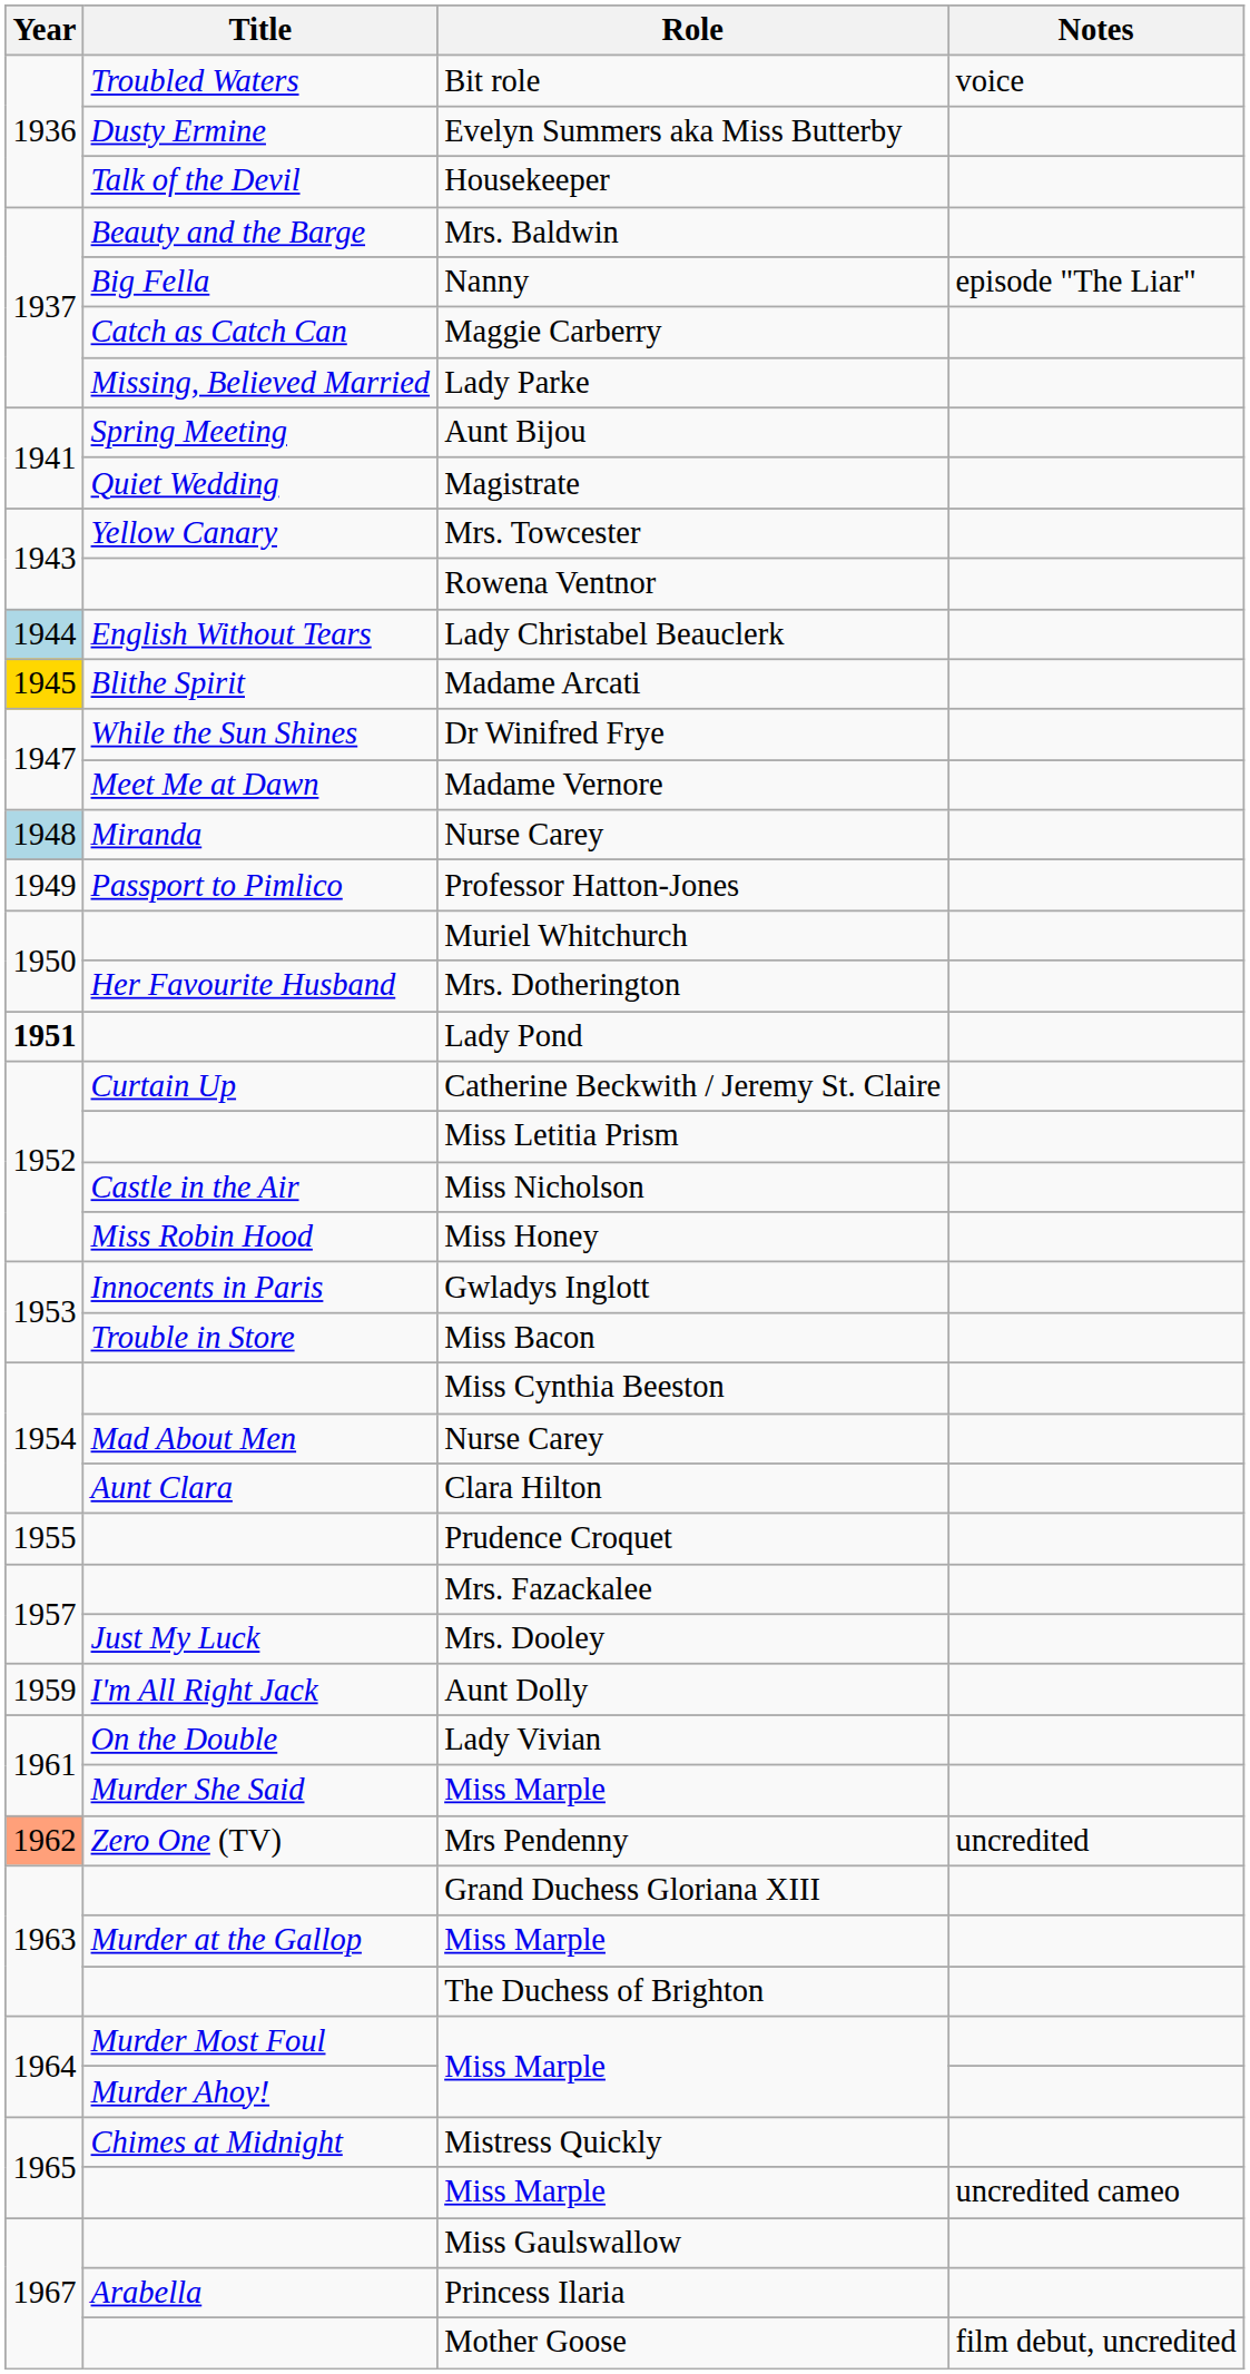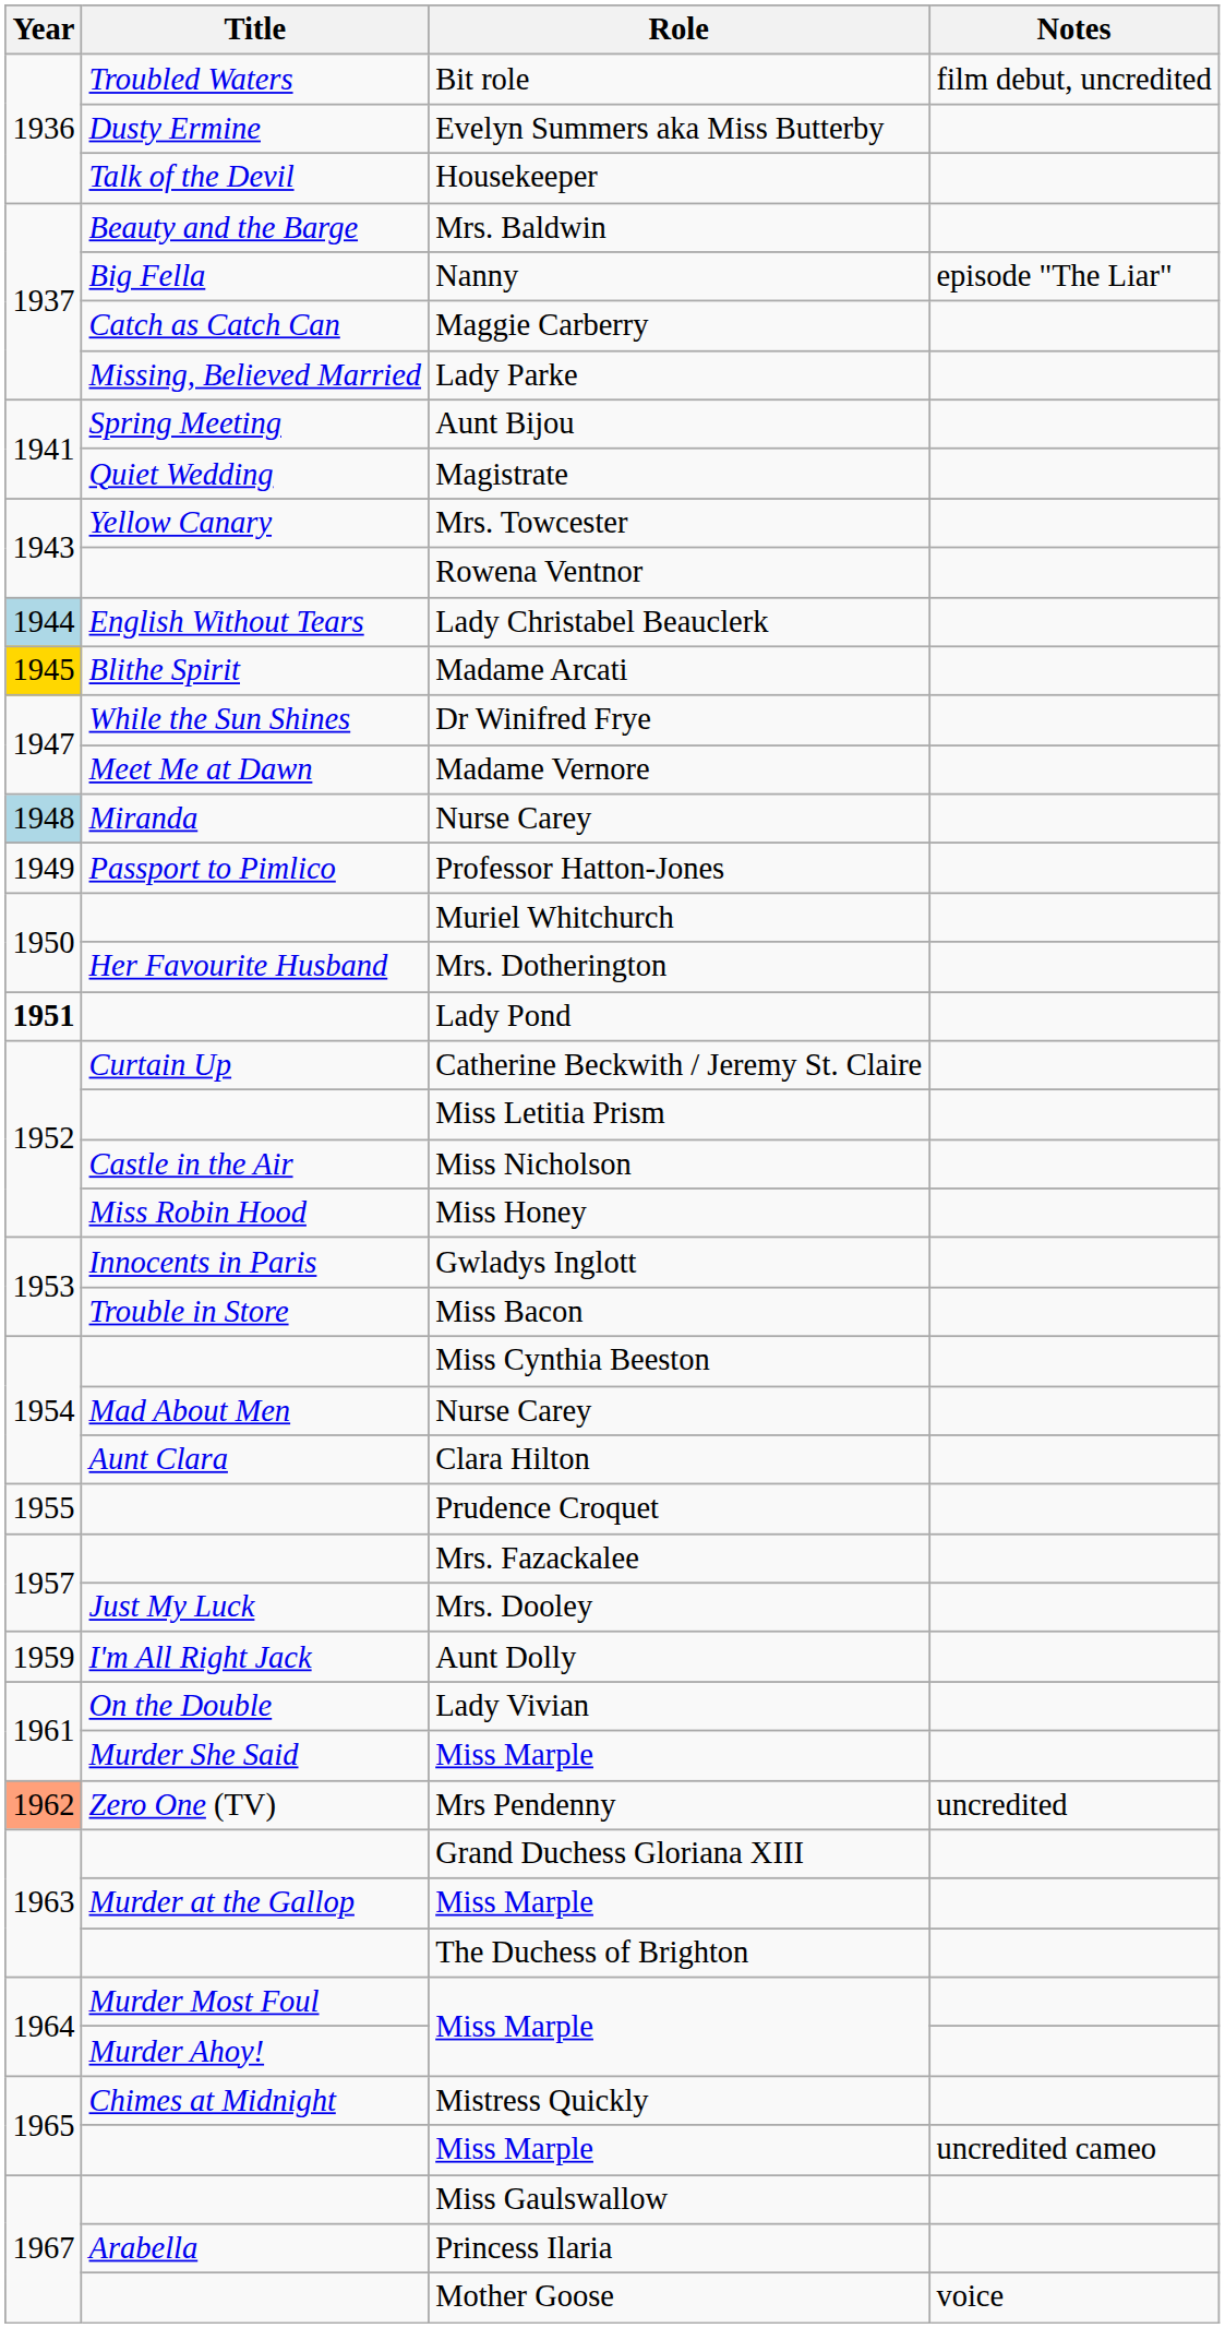 <table class="wikitable sortable">
 <tr>
 <th>Year</th>
 <th>Title</th>
 <th>Role</th>
 <th class="unsortable">Notes</th>
 </tr>
 <tr>
 <td rowspan=3>1936</td>
 <td><em><a href='#'>Troubled Waters</a></em></td>
 <td>Bit role</td>
-<td>voice</td>
+<td>film debut, uncredited</td>
 </tr>
 <tr>
 <td><em><a href='#'>Dusty Ermine</a></em></td>
 <td>Evelyn Summers aka Miss Butterby</td>
 <td></td>
 </tr>
 <tr>
 <td><em><a href='#'>Talk of the Devil</a></em></td>
 <td>Housekeeper</td>
 <td></td>
 </tr>
 <tr>
 <td rowspan=4>1937</td>
 <td><em><a href='#'>Beauty and the Barge</a></em></td>
 <td>Mrs. Baldwin</td>
 <td></td>
 </tr>
 <tr>
 <td><em><a href='#'>Big Fella</a></em></td>
 <td>Nanny</td>
 <td>episode "The Liar"</td>
 </tr>
 <tr>
 <td><em><a href='#'>Catch as Catch Can</a></em></td>
 <td>Maggie Carberry</td>
 <td></td>
 </tr>
 <tr>
 <td><em><a href='#'>Missing, Believed Married</a></em></td>
 <td>Lady Parke</td>
 <td></td>
 </tr>
 <tr>
 <td rowspan=2>1941</td>
 <td><em><a href='#'>Spring Meeting</a></em></td>
 <td>Aunt Bijou</td>
 <td></td>
 </tr>
 <tr>
 <td><em><a href='#'>Quiet Wedding</a></em></td>
 <td>Magistrate</td>
 <td></td>
 </tr>
 <tr>
 <td rowspan=2>1943</td>
 <td><em><a href='#'>Yellow Canary</a></em></td>
 <td>Mrs. Towcester</td>
 <td></td>
 </tr>
 <tr>
 <td><em></em></td>
 <td>Rowena Ventnor</td>
 <td></td>
 </tr>
 <tr>
 <td style="background: lightblue;">1944</td>
 <td><em><a href='#'>English Without Tears</a></em></td>
 <td>Lady Christabel Beauclerk</td>
 <td></td>
 </tr>
 <tr>
 <td style="background: gold;">1945</td>
 <td><em><a href='#'>Blithe Spirit</a></em></td>
 <td>Madame Arcati</td>
 <td></td>
 </tr>
 <tr>
 <td rowspan=2>1947</td>
 <td><em><a href='#'>While the Sun Shines</a></em></td>
 <td>Dr Winifred Frye</td>
 <td></td>
 </tr>
 <tr>
 <td><em><a href='#'>Meet Me at Dawn</a></em></td>
 <td>Madame Vernore</td>
 <td></td>
 </tr>
 <tr>
 <td style="background: lightblue;">1948</td>
 <td><em><a href='#'>Miranda</a></em></td>
 <td>Nurse Carey</td>
 <td></td>
 </tr>
 <tr>
 <td>1949</td>
 <td><em><a href='#'>Passport to Pimlico</a></em></td>
 <td>Professor Hatton-Jones</td>
 <td></td>
 </tr>
 <tr>
 <td rowspan=2>1950</td>
 <td><em></em></td>
 <td>Muriel Whitchurch</td>
 <td></td>
 </tr>
 <tr>
 <td><em><a href='#'>Her Favourite Husband</a></em></td>
 <td>Mrs. Dotherington</td>
 <td></td>
 </tr>
 <tr>
 <td><strong>1951</strong></td>
 <td><em></em></td>
 <td>Lady Pond</td>
 <td></td>
 </tr>
 <tr>
 <td rowspan=4>1952</td>
 <td><em><a href='#'>Curtain Up</a></em></td>
 <td>Catherine Beckwith / Jeremy St. Claire</td>
 <td></td>
 </tr>
 <tr>
 <td><em></em></td>
 <td>Miss Letitia Prism</td>
 <td></td>
 </tr>
 <tr>
 <td><em><a href='#'>Castle in the Air</a></em></td>
 <td>Miss Nicholson</td>
 <td></td>
 </tr>
 <tr>
 <td><em><a href='#'>Miss Robin Hood</a></em></td>
 <td>Miss Honey</td>
 <td></td>
 </tr>
 <tr>
 <td rowspan=2>1953</td>
 <td><em><a href='#'>Innocents in Paris</a></em></td>
 <td>Gwladys Inglott</td>
 <td></td>
 </tr>
 <tr>
 <td><em><a href='#'>Trouble in Store</a></em></td>
 <td>Miss Bacon</td>
 <td></td>
 </tr>
 <tr>
 <td rowspan=3>1954</td>
 <td><em></em></td>
 <td>Miss Cynthia Beeston</td>
 <td></td>
 </tr>
 <tr>
 <td><em><a href='#'>Mad About Men</a></em></td>
 <td>Nurse Carey</td>
 <td></td>
 </tr>
 <tr>
 <td><em><a href='#'>Aunt Clara</a></em></td>
 <td>Clara Hilton</td>
 <td></td>
 </tr>
 <tr>
 <td>1955</td>
 <td><em></em></td>
 <td>Prudence Croquet</td>
 <td></td>
 </tr>
 <tr>
 <td rowspan=2>1957</td>
 <td><em></em></td>
 <td>Mrs. Fazackalee</td>
 <td></td>
 </tr>
 <tr>
 <td><em><a href='#'>Just My Luck</a></em></td>
 <td>Mrs. Dooley</td>
 <td></td>
 </tr>
 <tr>
 <td>1959</td>
 <td><em><a href='#'>I'm All Right Jack</a></em></td>
 <td>Aunt Dolly</td>
 <td></td>
 </tr>
 <tr>
 <td rowspan=2>1961</td>
 <td><em><a href='#'>On the Double</a></em></td>
 <td>Lady Vivian</td>
 <td></td>
 </tr>
 <tr>
 <td><em><a href='#'>Murder She Said</a></em></td>
 <td><a href='#'>Miss Marple</a></td>
 <td></td>
 </tr>
 <tr>
 <td style="background: lightsalmon;">1962</td>
 <td><em><a href='#'>Zero One</a></em> (TV)</td>
 <td>Mrs Pendenny</td>
 <td>uncredited</td>
 </tr>
 <tr>
 <td rowspan=3>1963</td>
 <td><em></em></td>
 <td>Grand Duchess Gloriana XIII</td>
 <td></td>
 </tr>
 <tr>
 <td><em><a href='#'>Murder at the Gallop</a></em></td>
 <td><a href='#'>Miss Marple</a></td>
 <td></td>
 </tr>
 <tr>
 <td><em></em></td>
 <td>The Duchess of Brighton</td>
 <td></td>
 </tr>
 <tr>
 <td rowspan=2>1964</td>
 <td><em><a href='#'>Murder Most Foul</a></em></td>
 <td rowspan="2"><a href='#'>Miss Marple</a></td>
 <td></td>
 </tr>
 <tr>
 <td><em><a href='#'>Murder Ahoy!</a></em></td>
 <td></td>
 </tr>
 <tr>
 <td rowspan=2>1965</td>
 <td><em><a href='#'>Chimes at Midnight</a></em></td>
 <td>Mistress Quickly</td>
 <td></td>
 </tr>
 <tr>
 <td><em></em></td>
 <td><a href='#'>Miss Marple</a></td>
 <td>uncredited cameo</td>
 </tr>
 <tr>
 <td rowspan=3>1967</td>
 <td><em></em></td>
 <td>Miss Gaulswallow</td>
 <td></td>
 </tr>
 <tr>
 <td><em><a href='#'>Arabella</a></em></td>
 <td>Princess Ilaria</td>
 <td></td>
 </tr>
 <tr>
 <td><em></em></td>
 <td>Mother Goose</td>
-<td>film debut, uncredited</td>
+<td>voice</td>
 </tr>
 </table>
